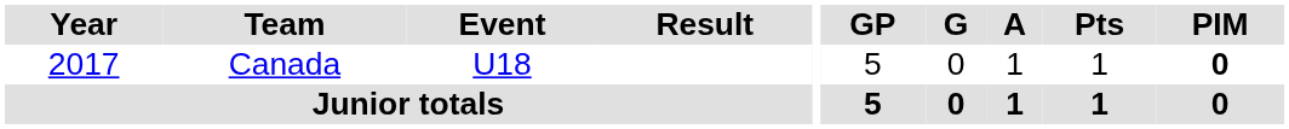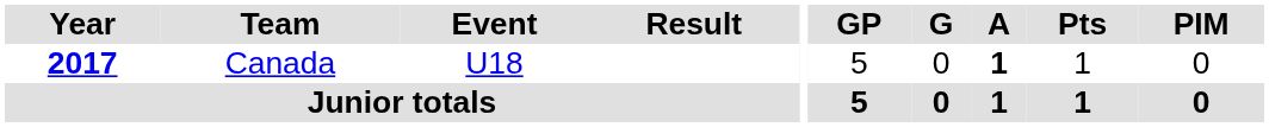 <table border="0" cellpadding="1" cellspacing="0" ID="Table3" style="text-align:center; width:40em">
 <tr ALIGN="center" bgcolor="#e0e0e0">
 <th>Year</th>
 <th>Team</th>
 <th>Event</th>
 <th>Result</th>
 <th rowspan="99" bgcolor="#ffffff"></th>
 <th>GP</th>
 <th>G</th>
 <th>A</th>
 <th>Pts</th>
 <th>PIM</th>
 </tr>
 <tr>
-<td><a href='#'>2017</a></td>
+<td><strong><a href='#'>2017</a></strong></td>
 <td><a href='#'>Canada</a></td>
 <td><a href='#'>U18</a></td>
 <td></td>
 <td>5</td>
 <td>0</td>
+<td><strong>1</strong></td>
 <td>1</td>
-<td>1</td>
-<td><strong>0</strong></td>
+<td>0</td>
 </tr>
 <tr bgcolor="#e0e0e0">
 <th colspan="4">Junior totals</th>
 <th>5</th>
 <th>0</th>
 <th>1</th>
 <th>1</th>
 <th>0</th>
 </tr>
 </table>
